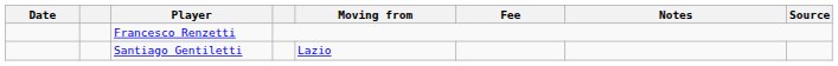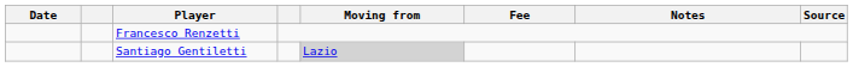 <table class="wikitable sortable">
 <tr>
 <th style="width:80px;">Date</th>
 <th style="width:30px;"></th>
 <th style="width:180px;">Player</th>
 <th style="width:20px;"></th>
 <th style="width:180px;">Moving from</th>
 <th style="width:120px;" class="unsortable">Fee</th>
 <th style="width:250px;" class="unsortable">Notes</th>
 <th style="width:20px;">Source</th>
 </tr>
 <tr>
 <td></td>
 <td align=center></td>
 <td> <a href='#'>Francesco Renzetti</a></td>
 </tr>
 <tr>
 <td></td>
 <td align=center></td>
 <td> <a href='#'>Santiago Gentiletti</a></td>
 <td align=center></td>
-<td> <a href='#'>Lazio</a></td>
+<td style="background: lightgrey;"> <a href='#'>Lazio</a></td>
 <td align=center></td>
 <td align=center></td>
 <td></td>
 </tr>
 </table>
